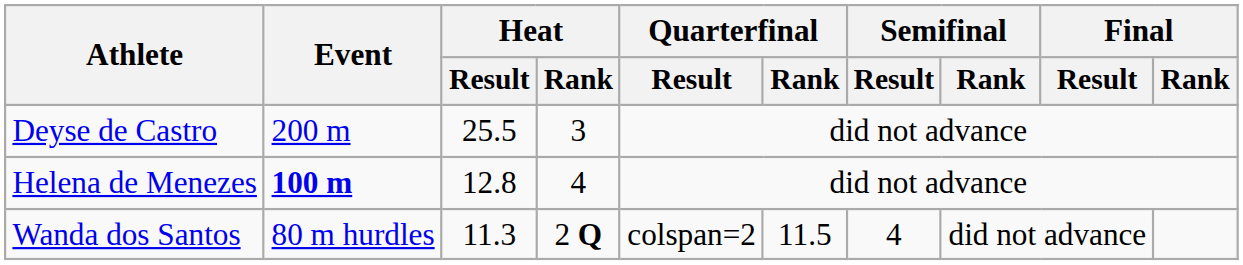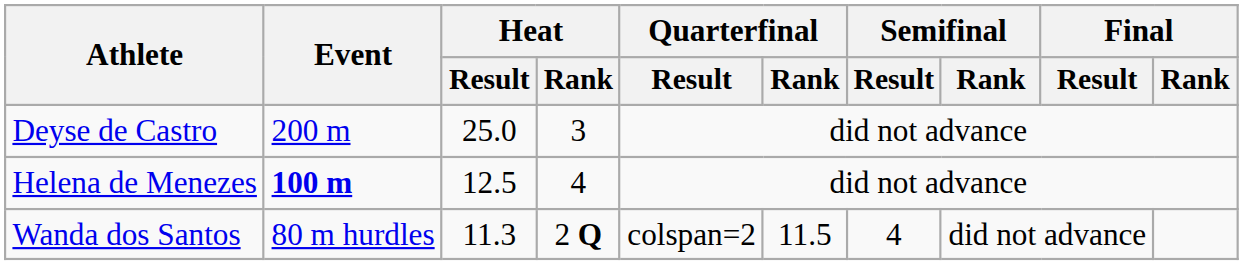 <table class="wikitable" style="font-size:90%">
 <tr>
 <th rowspan="2">Athlete</th>
 <th rowspan="2">Event</th>
 <th colspan="2">Heat</th>
 <th colspan="2">Quarterfinal</th>
 <th colspan="2">Semifinal</th>
 <th colspan="2">Final</th>
 </tr>
 <tr style="font-size:95%">
 <th>Result</th>
 <th>Rank</th>
 <th>Result</th>
 <th>Rank</th>
 <th>Result</th>
 <th>Rank</th>
 <th>Result</th>
 <th>Rank</th>
 </tr>
 <tr align=center>
 <td align=left rowspan="1"><a href='#'>Deyse de Castro</a></td>
 <td align=left><a href='#'>200 m</a></td>
-<td>25.5</td>
+<td>25.0</td>
 <td>3</td>
 <td colspan=6>did not advance</td>
 </tr>
 <tr align=center>
 <td align=left><a href='#'>Helena de Menezes</a></td>
 <td align=left><strong><a href='#'>100 m</a></strong></td>
-<td>12.8</td>
+<td>12.5</td>
 <td>4</td>
 <td colspan=6>did not advance</td>
 </tr>
 <tr align=center>
 <td align=left rowspan="1"><a href='#'>Wanda dos Santos</a></td>
 <td align=left rowspan="1"><a href='#'>80 m hurdles</a></td>
 <td>11.3</td>
 <td>2 <strong>Q</strong></td>
 <td>colspan=2 </td>
 <td>11.5</td>
 <td>4</td>
 <td colspan=2>did not advance</td>
 </tr>
 </table>
